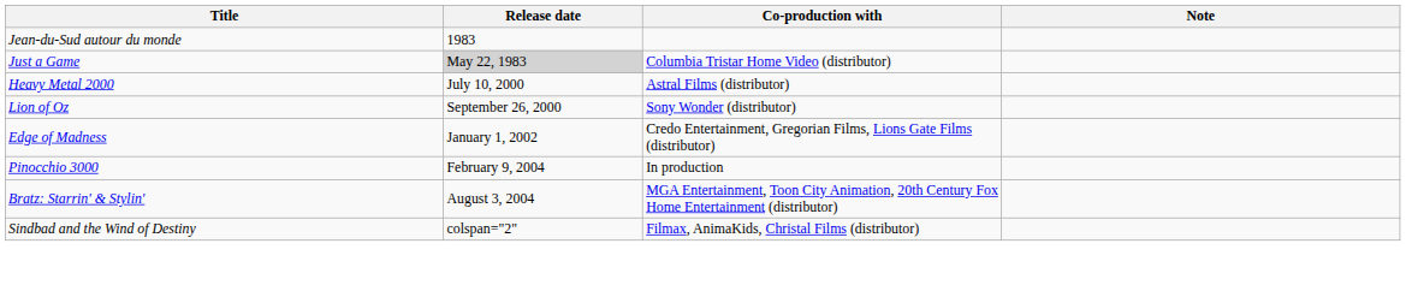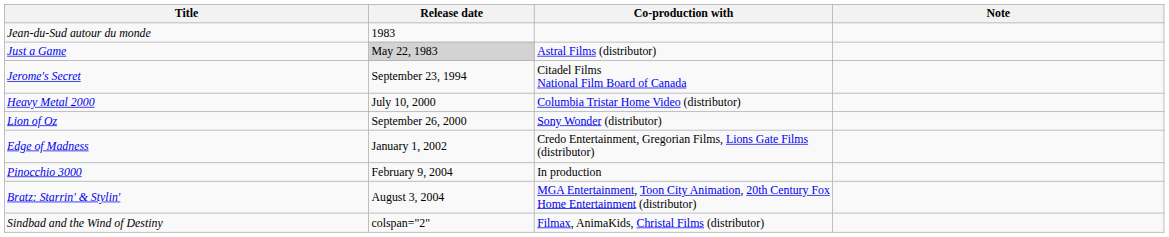 <table class="wikitable sortable" style="width: auto style="width:85%; table-layout: fixed">
 <tr>
 <th style="width:22%;">Title</th>
 <th style="width:10%;">Release date</th>
 <th style="width:18%;">Co-production with</th>
 <th style="width:20%;">Note</th>
 </tr>
 <tr>
 <td><em>Jean-du-Sud autour du monde</em></td>
 <td>1983</td>
 <td></td>
 <td></td>
 </tr>
 <tr>
 <td><em><a href='#'>Just a Game</a></em></td>
 <td style="background: lightgrey;">May 22, 1983</td>
-<td><a href='#'>Columbia Tristar Home Video</a> (distributor)</td>
+<td><a href='#'>Astral Films</a> (distributor)</td>
+<td></td>
+</tr>
+<tr>
+<td><em><a href='#'>Jerome's Secret</a></em></td>
+<td>September 23, 1994</td>
+<td>Citadel Films<br><a href='#'>National Film Board of Canada</a></td>
 <td></td>
 </tr>
 <tr>
 <td><em><a href='#'>Heavy Metal 2000</a></em></td>
 <td>July 10, 2000</td>
-<td><a href='#'>Astral Films</a> (distributor)</td>
+<td><a href='#'>Columbia Tristar Home Video</a> (distributor)</td>
 <td></td>
 </tr>
 <tr>
 <td><em><a href='#'>Lion of Oz</a></em></td>
 <td>September 26, 2000</td>
 <td><a href='#'>Sony Wonder</a> (distributor)</td>
 <td></td>
 </tr>
 <tr>
 <td><em><a href='#'>Edge of Madness</a></em></td>
 <td>January 1, 2002</td>
 <td>Credo Entertainment, Gregorian Films, <a href='#'>Lions Gate Films</a> (distributor)</td>
 <td></td>
 </tr>
 <tr>
 <td><em><a href='#'>Pinocchio 3000</a></em></td>
 <td>February 9, 2004</td>
 <td>In production</td>
 <td></td>
 </tr>
 <tr>
 <td><em><a href='#'>Bratz: Starrin' & Stylin'</a></em></td>
 <td>August 3, 2004</td>
 <td><a href='#'>MGA Entertainment</a>, <a href='#'>Toon City Animation</a>, <a href='#'>20th Century Fox Home Entertainment</a> (distributor)</td>
 <td></td>
 </tr>
 <tr>
 <td><em>Sindbad and the Wind of Destiny</em></td>
 <td>colspan="2" </td>
 <td><a href='#'>Filmax</a>, AnimaKids, <a href='#'>Christal Films</a> (distributor)</td>
 </tr>
 </table>
